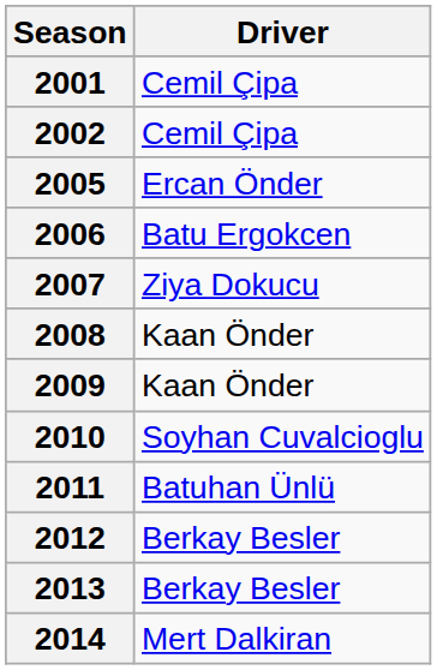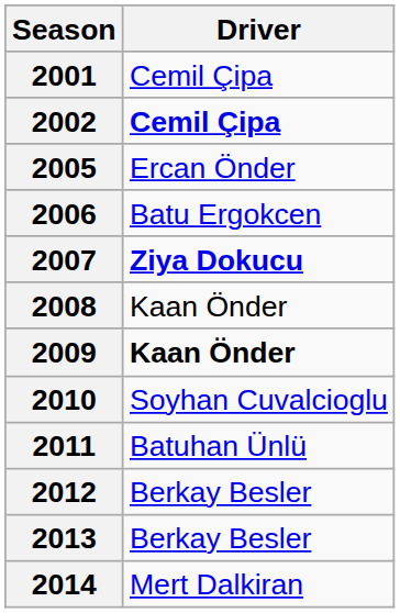 <table class="wikitable" style="font-size: 95%;">
 <tr>
 <th>Season</th>
 <th>Driver</th>
 </tr>
 <tr>
 <th>2001</th>
 <td> <a href='#'>Cemil Çipa</a></td>
 </tr>
 <tr>
 <th>2002</th>
-<td> <a href='#'>Cemil Çipa</a></td>
+<td><strong> <a href='#'>Cemil Çipa</a></strong></td>
 </tr>
 <tr>
 <th>2005</th>
 <td> <a href='#'>Ercan Önder</a></td>
 </tr>
 <tr>
 <th>2006</th>
 <td> <a href='#'>Batu Ergokcen</a></td>
 </tr>
 <tr>
 <th>2007</th>
-<td> <a href='#'>Ziya Dokucu</a></td>
+<td><strong> <a href='#'>Ziya Dokucu</a></strong></td>
 </tr>
 <tr>
 <th>2008</th>
 <td> Kaan Önder</td>
 </tr>
 <tr>
 <th>2009</th>
-<td> Kaan Önder</td>
+<td><strong> Kaan Önder</strong></td>
 </tr>
 <tr>
 <th>2010</th>
 <td> <a href='#'>Soyhan Cuvalcioglu</a></td>
 </tr>
 <tr>
 <th>2011</th>
 <td> <a href='#'>Batuhan Ünlü</a></td>
 </tr>
 <tr>
 <th>2012</th>
 <td> <a href='#'>Berkay Besler</a></td>
 </tr>
 <tr>
 <th>2013</th>
 <td> <a href='#'>Berkay Besler</a></td>
 </tr>
 <tr>
 <th>2014</th>
 <td> <a href='#'>Mert Dalkiran</a></td>
 </tr>
 </table>
